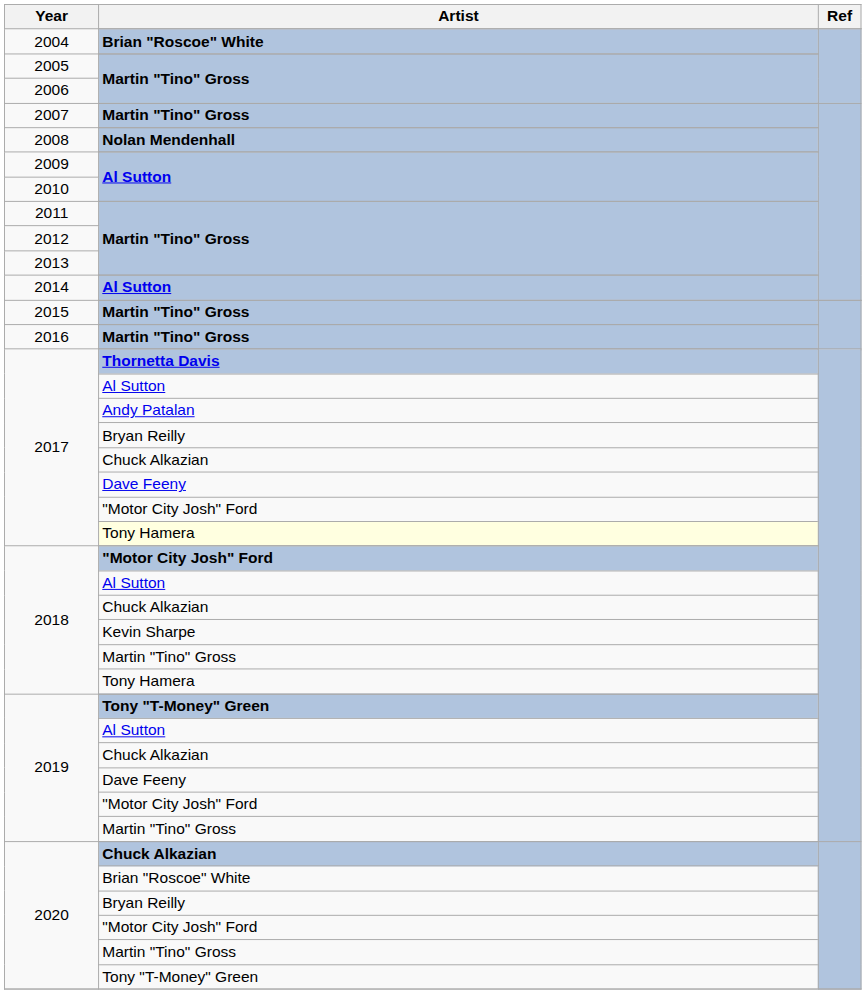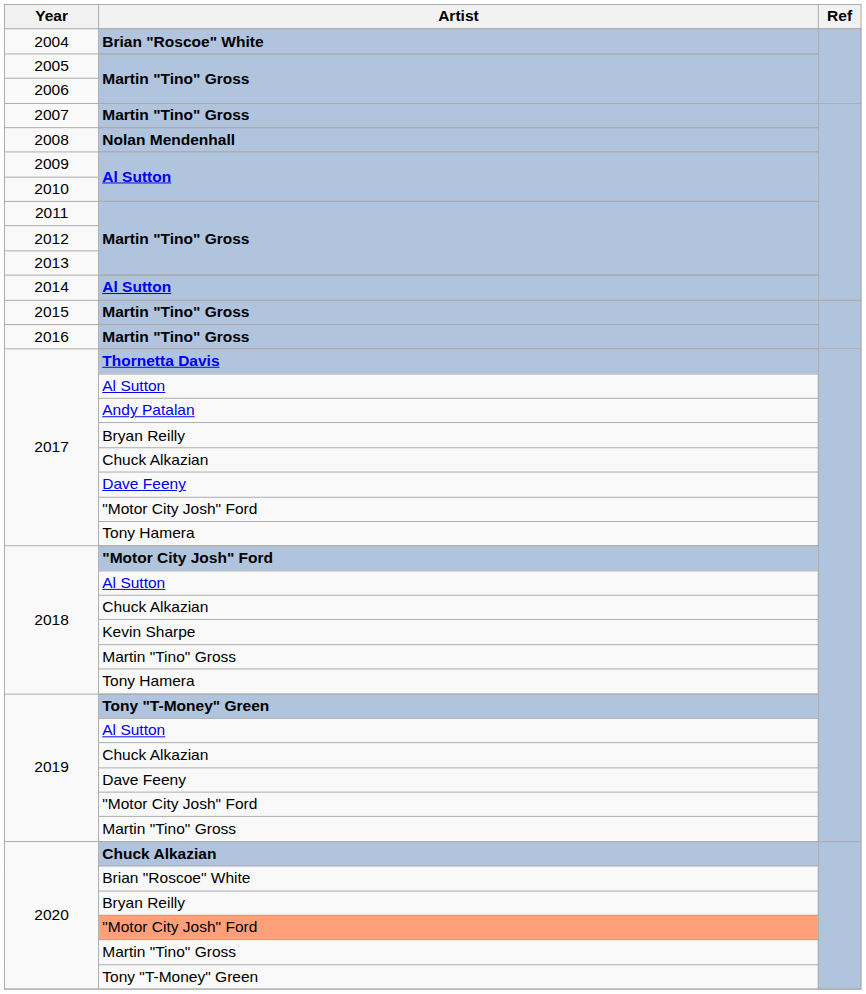 <table class="wikitable" style="width:100%;">
 <tr>
 <th style="width:11%;">Year</th>
 <th style="width:84%;">Artist</th>
 <th style="width:5%;">Ref</th>
 </tr>
 <tr>
 <td rowspan="2" align="center">2004</td>
 </tr>
 <tr style="background:#B0C4DE">
 <td><strong>Brian "Roscoe" White</strong></td>
 <td rowspan="5"></td>
 </tr>
 <tr>
 <td rowspan="2" align="center">2005</td>
 </tr>
 <tr style="background:#B0C4DE">
 <td rowspan="2"><strong>Martin "Tino" Gross</strong></td>
 </tr>
 <tr>
 <td align="center">2006</td>
 </tr>
 <tr>
 <td rowspan="2" align="center">2007</td>
 </tr>
 <tr style="background:#B0C4DE">
 <td><strong>Martin "Tino" Gross</strong></td>
 <td rowspan="12" align="center"></td>
 </tr>
 <tr>
 <td rowspan="2" align="center">2008</td>
 </tr>
 <tr style="background:#B0C4DE">
 <td><strong>Nolan Mendenhall</strong></td>
 </tr>
 <tr>
 <td rowspan="2" align="center">2009</td>
 </tr>
 <tr style="background:#B0C4DE">
 <td rowspan="2"><strong><a href='#'>Al Sutton</a></strong></td>
 </tr>
 <tr>
 <td align="center">2010</td>
 </tr>
 <tr>
 <td rowspan="2" align="center">2011</td>
 </tr>
 <tr style="background:#B0C4DE">
 <td rowspan="3"><strong>Martin "Tino" Gross</strong></td>
 </tr>
 <tr>
 <td align="center">2012</td>
 </tr>
 <tr>
 <td align="center">2013</td>
 </tr>
 <tr>
 <td rowspan="2" align="center">2014</td>
 </tr>
 <tr style="background:#B0C4DE">
 <td><strong><a href='#'>Al Sutton</a></strong></td>
 </tr>
 <tr>
 <td rowspan="2" align="center">2015</td>
 </tr>
 <tr style="background:#B0C4DE">
 <td><strong>Martin "Tino" Gross</strong></td>
 <td rowspan="4" align="center"></td>
 </tr>
 <tr>
 <td rowspan="2" align="center">2016</td>
 </tr>
 <tr style="background:#B0C4DE">
 <td><strong>Martin "Tino" Gross</strong></td>
 </tr>
 <tr>
 <td rowspan="9" align="center">2017</td>
 </tr>
 <tr style="background:#B0C4DE">
 <td><strong><a href='#'>Thornetta Davis</a></strong></td>
 <td rowspan="23" align="center"></td>
 </tr>
 <tr>
 <td><a href='#'>Al Sutton</a></td>
 </tr>
 <tr>
 <td><a href='#'>Andy Patalan</a></td>
 </tr>
 <tr>
 <td>Bryan Reilly</td>
 </tr>
 <tr>
 <td>Chuck Alkazian</td>
 </tr>
 <tr>
 <td><a href='#'>Dave Feeny</a></td>
 </tr>
 <tr>
 <td>"Motor City Josh" Ford</td>
 </tr>
 <tr>
-<td style="background: lightyellow;">Tony Hamera</td>
+<td>Tony Hamera</td>
 </tr>
 <tr>
 <td rowspan="7" align="center">2018</td>
 </tr>
 <tr style="background:#B0C4DE">
 <td><strong>"Motor City Josh" Ford</strong></td>
 </tr>
 <tr>
 <td><a href='#'>Al Sutton</a></td>
 </tr>
 <tr>
 <td>Chuck Alkazian</td>
 </tr>
 <tr>
 <td>Kevin Sharpe</td>
 </tr>
 <tr>
 <td>Martin "Tino" Gross</td>
 </tr>
 <tr>
 <td>Tony Hamera</td>
 </tr>
 <tr>
 <td rowspan="7" align="center">2019</td>
 </tr>
 <tr style="background:#B0C4DE">
 <td><strong>Tony "T-Money" Green</strong></td>
 </tr>
 <tr>
 <td><a href='#'>Al Sutton</a></td>
 </tr>
 <tr>
 <td>Chuck Alkazian</td>
 </tr>
 <tr>
 <td>Dave Feeny</td>
 </tr>
 <tr>
 <td>"Motor City Josh" Ford</td>
 </tr>
 <tr>
 <td>Martin "Tino" Gross</td>
 </tr>
 <tr>
 <td rowspan="7" align="center">2020</td>
 </tr>
 <tr style="background:#B0C4DE">
 <td><strong>Chuck Alkazian</strong></td>
 <td rowspan="6" align="center"></td>
 </tr>
 <tr>
 <td>Brian "Roscoe" White</td>
 </tr>
 <tr>
 <td>Bryan Reilly</td>
 </tr>
 <tr>
-<td>"Motor City Josh" Ford</td>
+<td style="background: lightsalmon;">"Motor City Josh" Ford</td>
 </tr>
 <tr>
 <td>Martin "Tino" Gross</td>
 </tr>
 <tr>
 <td>Tony "T-Money" Green</td>
 </tr>
 <tr>
 </tr>
 </table>
